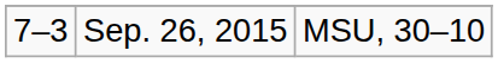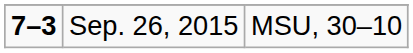 <table class="wikitable">
 <tr align="center">
 </tr>
 <tr align="center">
-<td>7–3</td>
+<td><strong>7–3</strong></td>
 <td>Sep. 26, 2015</td>
 <td>MSU, 30–10</td>
 </tr>
 </table>
